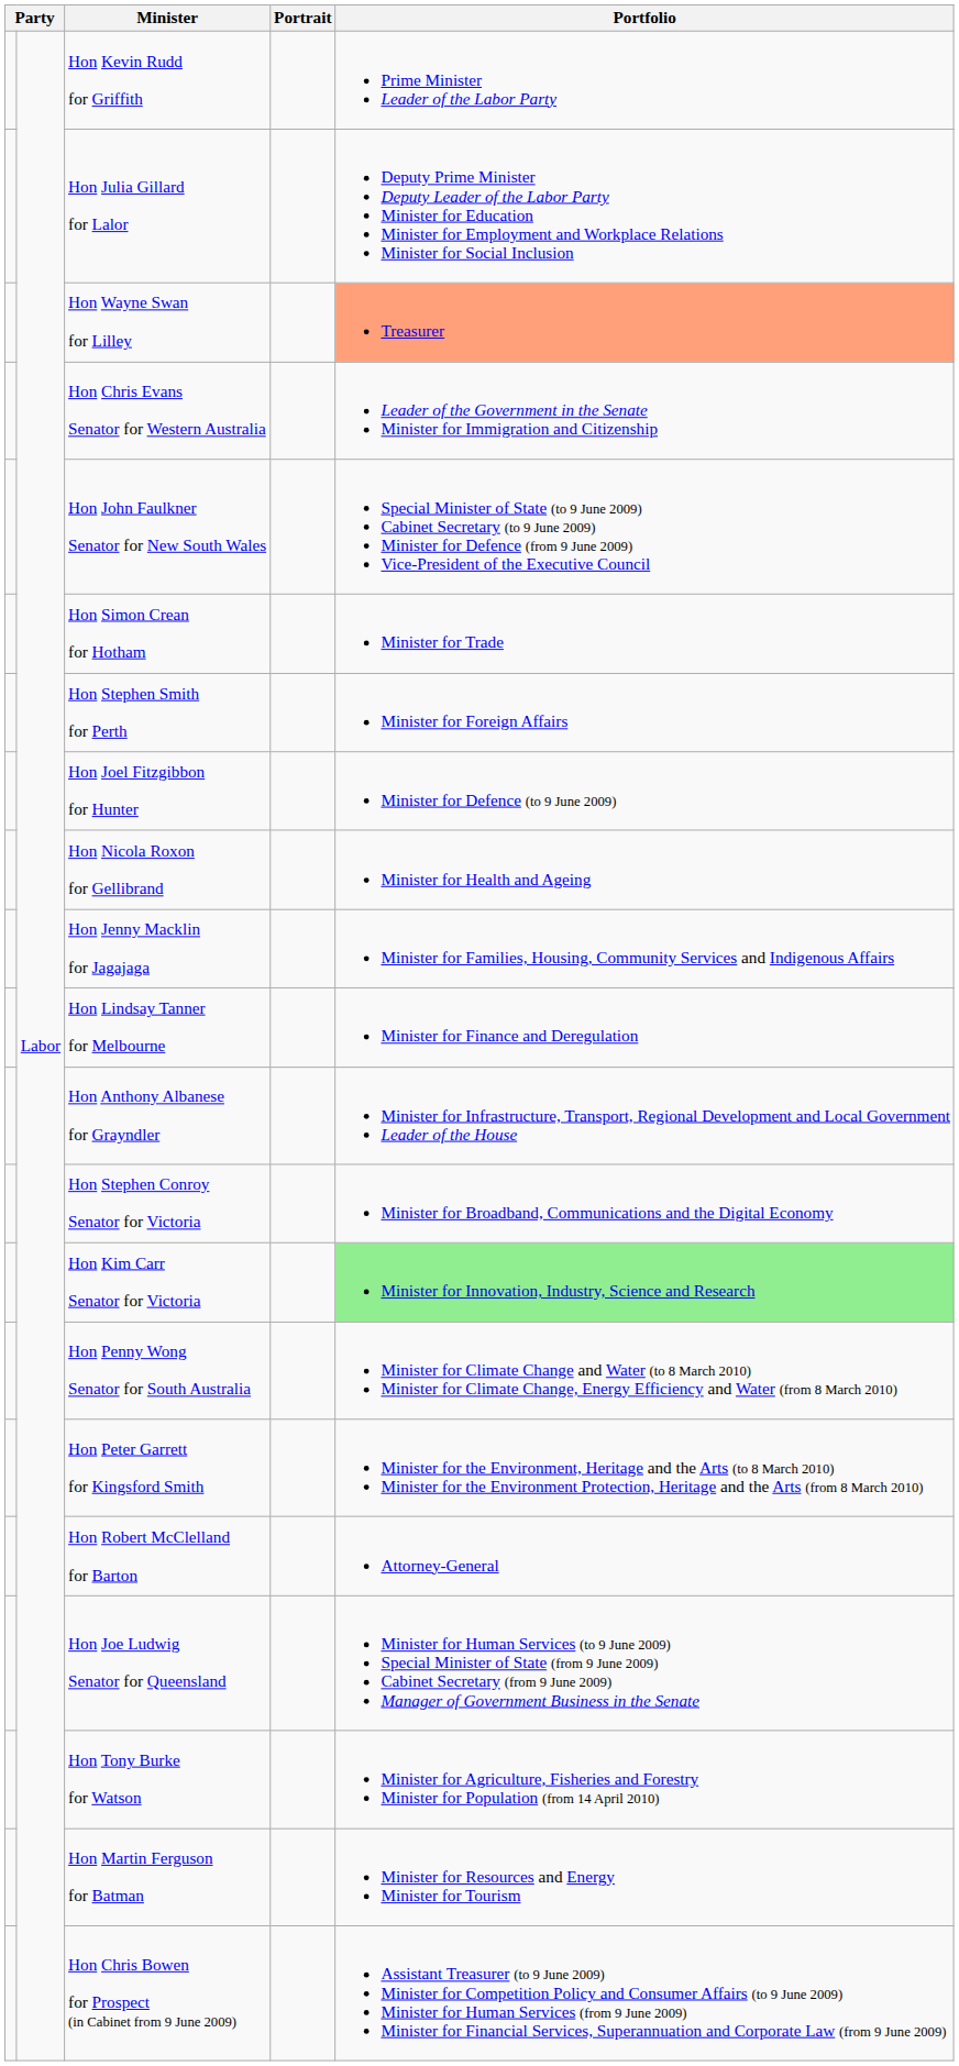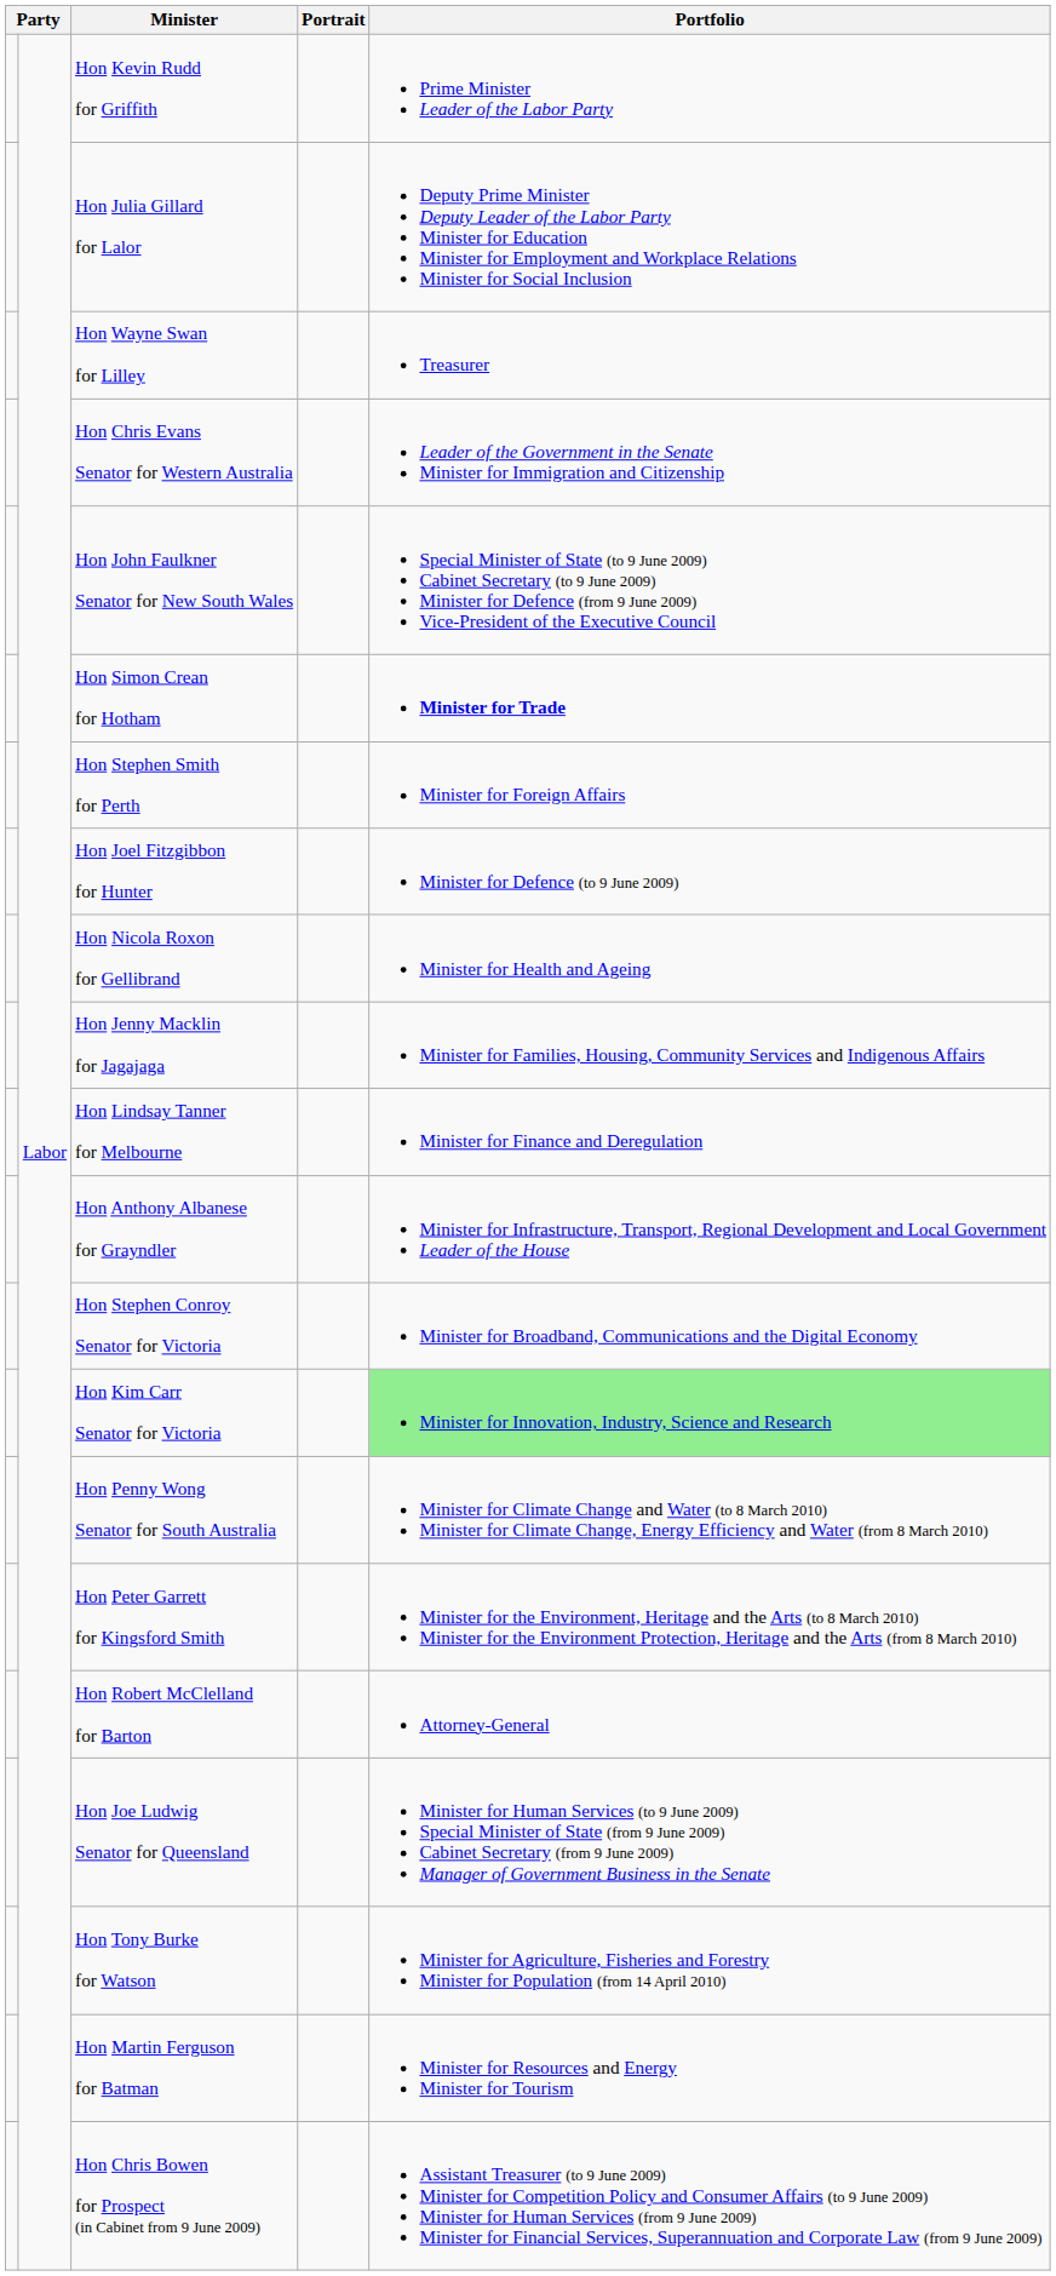 <table class="wikitable sortable">
 <tr>
 <th colspan="2">Party</th>
 <th>Minister</th>
 <th>Portrait</th>
 <th>Portfolio</th>
 </tr>
 <tr>
 <td> </td>
 <td rowspan=21><a href='#'>Labor</a></td>
 <td><a href='#'>Hon</a> <a href='#'>Kevin Rudd</a> <br><br> for <a href='#'>Griffith</a> <br></td>
 <td></td>
 <td><br><ul><li><a href='#'>Prime Minister</a></li><li><em><a href='#'>Leader of the Labor Party</a></em></li></ul></td>
 </tr>
 <tr>
 <td> </td>
 <td><a href='#'>Hon</a> <a href='#'>Julia Gillard</a> <br><br> for <a href='#'>Lalor</a> <br></td>
 <td></td>
 <td><br><ul><li><a href='#'>Deputy Prime Minister</a></li><li><em><a href='#'>Deputy Leader of the Labor Party</a></em></li><li><a href='#'>Minister for Education</a></li><li><a href='#'>Minister for Employment and Workplace Relations</a></li><li><a href='#'>Minister for Social Inclusion</a></li></ul></td>
 </tr>
 <tr>
 <td> </td>
 <td><a href='#'>Hon</a> <a href='#'>Wayne Swan</a> <br><br> for <a href='#'>Lilley</a> <br></td>
 <td></td>
-<td style="background: lightsalmon;"><br><ul><li><a href='#'>Treasurer</a></li></ul></td>
+<td><br><ul><li><a href='#'>Treasurer</a></li></ul></td>
 </tr>
 <tr>
 <td> </td>
 <td><a href='#'>Hon</a> <a href='#'>Chris Evans</a> <br><br><a href='#'>Senator</a> for <a href='#'>Western Australia</a> <br></td>
 <td></td>
 <td><br><ul><li><em><a href='#'>Leader of the Government in the Senate</a></em></li><li><a href='#'>Minister for Immigration and Citizenship</a></li></ul></td>
 </tr>
 <tr>
 <td> </td>
 <td><a href='#'>Hon</a> <a href='#'>John Faulkner</a> <br><br><a href='#'>Senator</a> for <a href='#'>New South Wales</a> <br></td>
 <td></td>
 <td><br><ul><li><a href='#'>Special Minister of State</a> <small>(to 9 June 2009)</small></li><li><a href='#'>Cabinet Secretary</a> <small>(to 9 June 2009)</small></li><li><a href='#'>Minister for Defence</a> <small>(from 9 June 2009)</small></li><li><a href='#'>Vice-President of the Executive Council</a></li></ul></td>
 </tr>
 <tr>
 <td> </td>
 <td><a href='#'>Hon</a> <a href='#'>Simon Crean</a> <br><br> for <a href='#'>Hotham</a> <br></td>
 <td></td>
-<td><br><ul><li><a href='#'>Minister for Trade</a></li></ul></td>
+<td><strong><br><ul><li><a href='#'>Minister for Trade</a></li></ul></strong></td>
 </tr>
 <tr>
 <td> </td>
 <td><a href='#'>Hon</a> <a href='#'>Stephen Smith</a> <br><br> for <a href='#'>Perth</a> <br></td>
 <td></td>
 <td><br><ul><li><a href='#'>Minister for Foreign Affairs</a></li></ul></td>
 </tr>
 <tr>
 <td> </td>
 <td><a href='#'>Hon</a> <a href='#'>Joel Fitzgibbon</a> <br><br> for <a href='#'>Hunter</a> <br></td>
 <td></td>
 <td><br><ul><li><a href='#'>Minister for Defence</a> <small>(to 9 June 2009)</small></li></ul></td>
 </tr>
 <tr>
 <td> </td>
 <td><a href='#'>Hon</a> <a href='#'>Nicola Roxon</a> <br><br> for <a href='#'>Gellibrand</a> <br></td>
 <td></td>
 <td><br><ul><li><a href='#'>Minister for Health and Ageing</a></li></ul></td>
 </tr>
 <tr>
 <td> </td>
 <td><a href='#'>Hon</a> <a href='#'>Jenny Macklin</a> <br><br> for <a href='#'>Jagajaga</a> <br></td>
 <td></td>
 <td><br><ul><li><a href='#'>Minister for Families, Housing, Community Services</a> and <a href='#'>Indigenous Affairs</a></li></ul></td>
 </tr>
 <tr>
 <td> </td>
 <td><a href='#'>Hon</a> <a href='#'>Lindsay Tanner</a> <br><br> for <a href='#'>Melbourne</a> <br></td>
 <td></td>
 <td><br><ul><li><a href='#'>Minister for Finance and Deregulation</a></li></ul></td>
 </tr>
 <tr>
 <td> </td>
 <td><a href='#'>Hon</a> <a href='#'>Anthony Albanese</a> <br><br> for <a href='#'>Grayndler</a> <br></td>
 <td></td>
 <td><br><ul><li><a href='#'>Minister for Infrastructure, Transport, Regional Development and Local Government</a></li><li><em><a href='#'>Leader of the House</a></em></li></ul></td>
 </tr>
 <tr>
 <td> </td>
 <td><a href='#'>Hon</a> <a href='#'>Stephen Conroy</a> <br><br><a href='#'>Senator</a> for <a href='#'>Victoria</a> <br></td>
 <td></td>
 <td><br><ul><li><a href='#'>Minister for Broadband, Communications and the Digital Economy</a></li></ul></td>
 </tr>
 <tr>
 <td> </td>
 <td><a href='#'>Hon</a> <a href='#'>Kim Carr</a> <br><br><a href='#'>Senator</a> for <a href='#'>Victoria</a> <br></td>
 <td></td>
 <td style="background: lightgreen;"><br><ul><li><a href='#'>Minister for Innovation, Industry, Science and Research</a></li></ul></td>
 </tr>
 <tr>
 <td> </td>
 <td><a href='#'>Hon</a> <a href='#'>Penny Wong</a> <br><br><a href='#'>Senator</a> for <a href='#'>South Australia</a> <br></td>
 <td></td>
 <td><br><ul><li><a href='#'>Minister for Climate Change</a> and <a href='#'>Water</a> <small>(to 8 March 2010)</small></li><li><a href='#'>Minister for Climate Change, Energy Efficiency</a> and <a href='#'>Water</a> <small>(from 8 March 2010)</small></li></ul></td>
 </tr>
 <tr>
 <td> </td>
 <td><a href='#'>Hon</a> <a href='#'>Peter Garrett</a>  <br><br> for <a href='#'>Kingsford Smith</a> <br></td>
 <td></td>
 <td><br><ul><li><a href='#'>Minister for the Environment, Heritage</a> and the <a href='#'>Arts</a> <small>(to 8 March 2010)</small></li><li><a href='#'>Minister for the Environment Protection, Heritage</a> and the <a href='#'>Arts</a> <small>(from 8 March 2010)</small></li></ul></td>
 </tr>
 <tr>
 <td> </td>
 <td><a href='#'>Hon</a> <a href='#'>Robert McClelland</a> <br><br> for <a href='#'>Barton</a> <br></td>
 <td></td>
 <td><br><ul><li><a href='#'>Attorney-General</a></li></ul></td>
 </tr>
 <tr>
 <td> </td>
 <td><a href='#'>Hon</a> <a href='#'>Joe Ludwig</a> <br><br><a href='#'>Senator</a> for <a href='#'>Queensland</a> <br></td>
 <td></td>
 <td><br><ul><li><a href='#'>Minister for Human Services</a> <small>(to 9 June 2009)</small></li><li><a href='#'>Special Minister of State</a> <small>(from 9 June 2009)</small></li><li><a href='#'>Cabinet Secretary</a> <small>(from 9 June 2009)</small></li><li><em><a href='#'>Manager of Government Business in the Senate</a></em></li></ul></td>
 </tr>
 <tr>
 <td> </td>
 <td><a href='#'>Hon</a> <a href='#'>Tony Burke</a> <br><br> for <a href='#'>Watson</a> <br></td>
 <td></td>
 <td><br><ul><li><a href='#'>Minister for Agriculture, Fisheries and Forestry</a></li><li><a href='#'>Minister for Population</a> <small>(from 14 April 2010)</small></li></ul></td>
 </tr>
 <tr>
 <td> </td>
 <td><a href='#'>Hon</a> <a href='#'>Martin Ferguson</a> <br><br> for <a href='#'>Batman</a> <br></td>
 <td></td>
 <td><br><ul><li><a href='#'>Minister for Resources</a> and <a href='#'>Energy</a></li><li><a href='#'>Minister for Tourism</a></li></ul></td>
 </tr>
 <tr>
 <td> </td>
 <td><a href='#'>Hon</a> <a href='#'>Chris Bowen</a> <br><br> for <a href='#'>Prospect</a> <br> <small>(in Cabinet from 9 June 2009)</small></td>
 <td></td>
 <td><br><ul><li><a href='#'>Assistant Treasurer</a> <small>(to 9 June 2009)</small></li><li><a href='#'>Minister for Competition Policy and Consumer Affairs</a> <small>(to 9 June 2009)</small></li><li><a href='#'>Minister for Human Services</a> <small>(from 9 June 2009)</small></li><li><a href='#'>Minister for Financial Services, Superannuation and Corporate Law</a> <small>(from 9 June 2009)</small></li></ul></td>
 </tr>
 </table>
